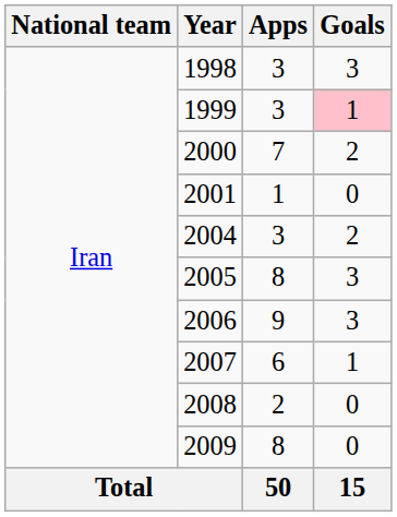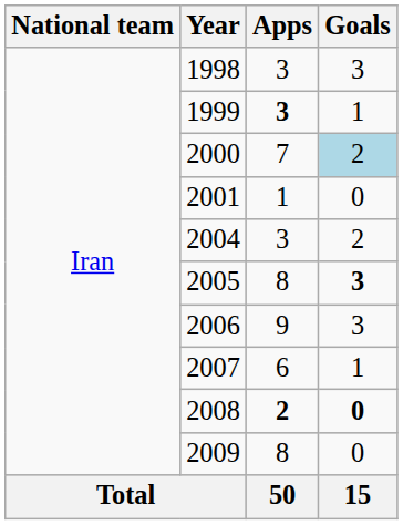 <table class="wikitable" style="text-align:center">
 <tr>
 <th>National team</th>
 <th>Year</th>
 <th>Apps</th>
 <th>Goals</th>
 </tr>
 <tr>
 <td rowspan="10"><a href='#'>Iran</a></td>
 <td>1998</td>
 <td>3</td>
 <td>3</td>
 </tr>
 <tr>
 <td>1999</td>
-<td>3</td>
-<td style="background: pink;">1</td>
+<td><strong>3</strong></td>
+<td>1</td>
 </tr>
 <tr>
 <td>2000</td>
 <td>7</td>
-<td>2</td>
+<td style="background: lightblue;">2</td>
 </tr>
 <tr>
 <td>2001</td>
 <td>1</td>
 <td>0</td>
 </tr>
 <tr>
 <td>2004</td>
 <td>3</td>
 <td>2</td>
 </tr>
 <tr>
 <td>2005</td>
 <td>8</td>
-<td>3</td>
+<td><strong>3</strong></td>
 </tr>
 <tr>
 <td>2006</td>
 <td>9</td>
 <td>3</td>
 </tr>
 <tr>
 <td>2007</td>
 <td>6</td>
 <td>1</td>
 </tr>
 <tr>
 <td>2008</td>
-<td>2</td>
-<td>0</td>
+<td><strong>2</strong></td>
+<td><strong>0</strong></td>
 </tr>
 <tr>
 <td>2009</td>
 <td>8</td>
 <td>0</td>
 </tr>
 <tr>
 <th colspan="2">Total</th>
 <th>50</th>
 <th>15</th>
 </tr>
 </table>
